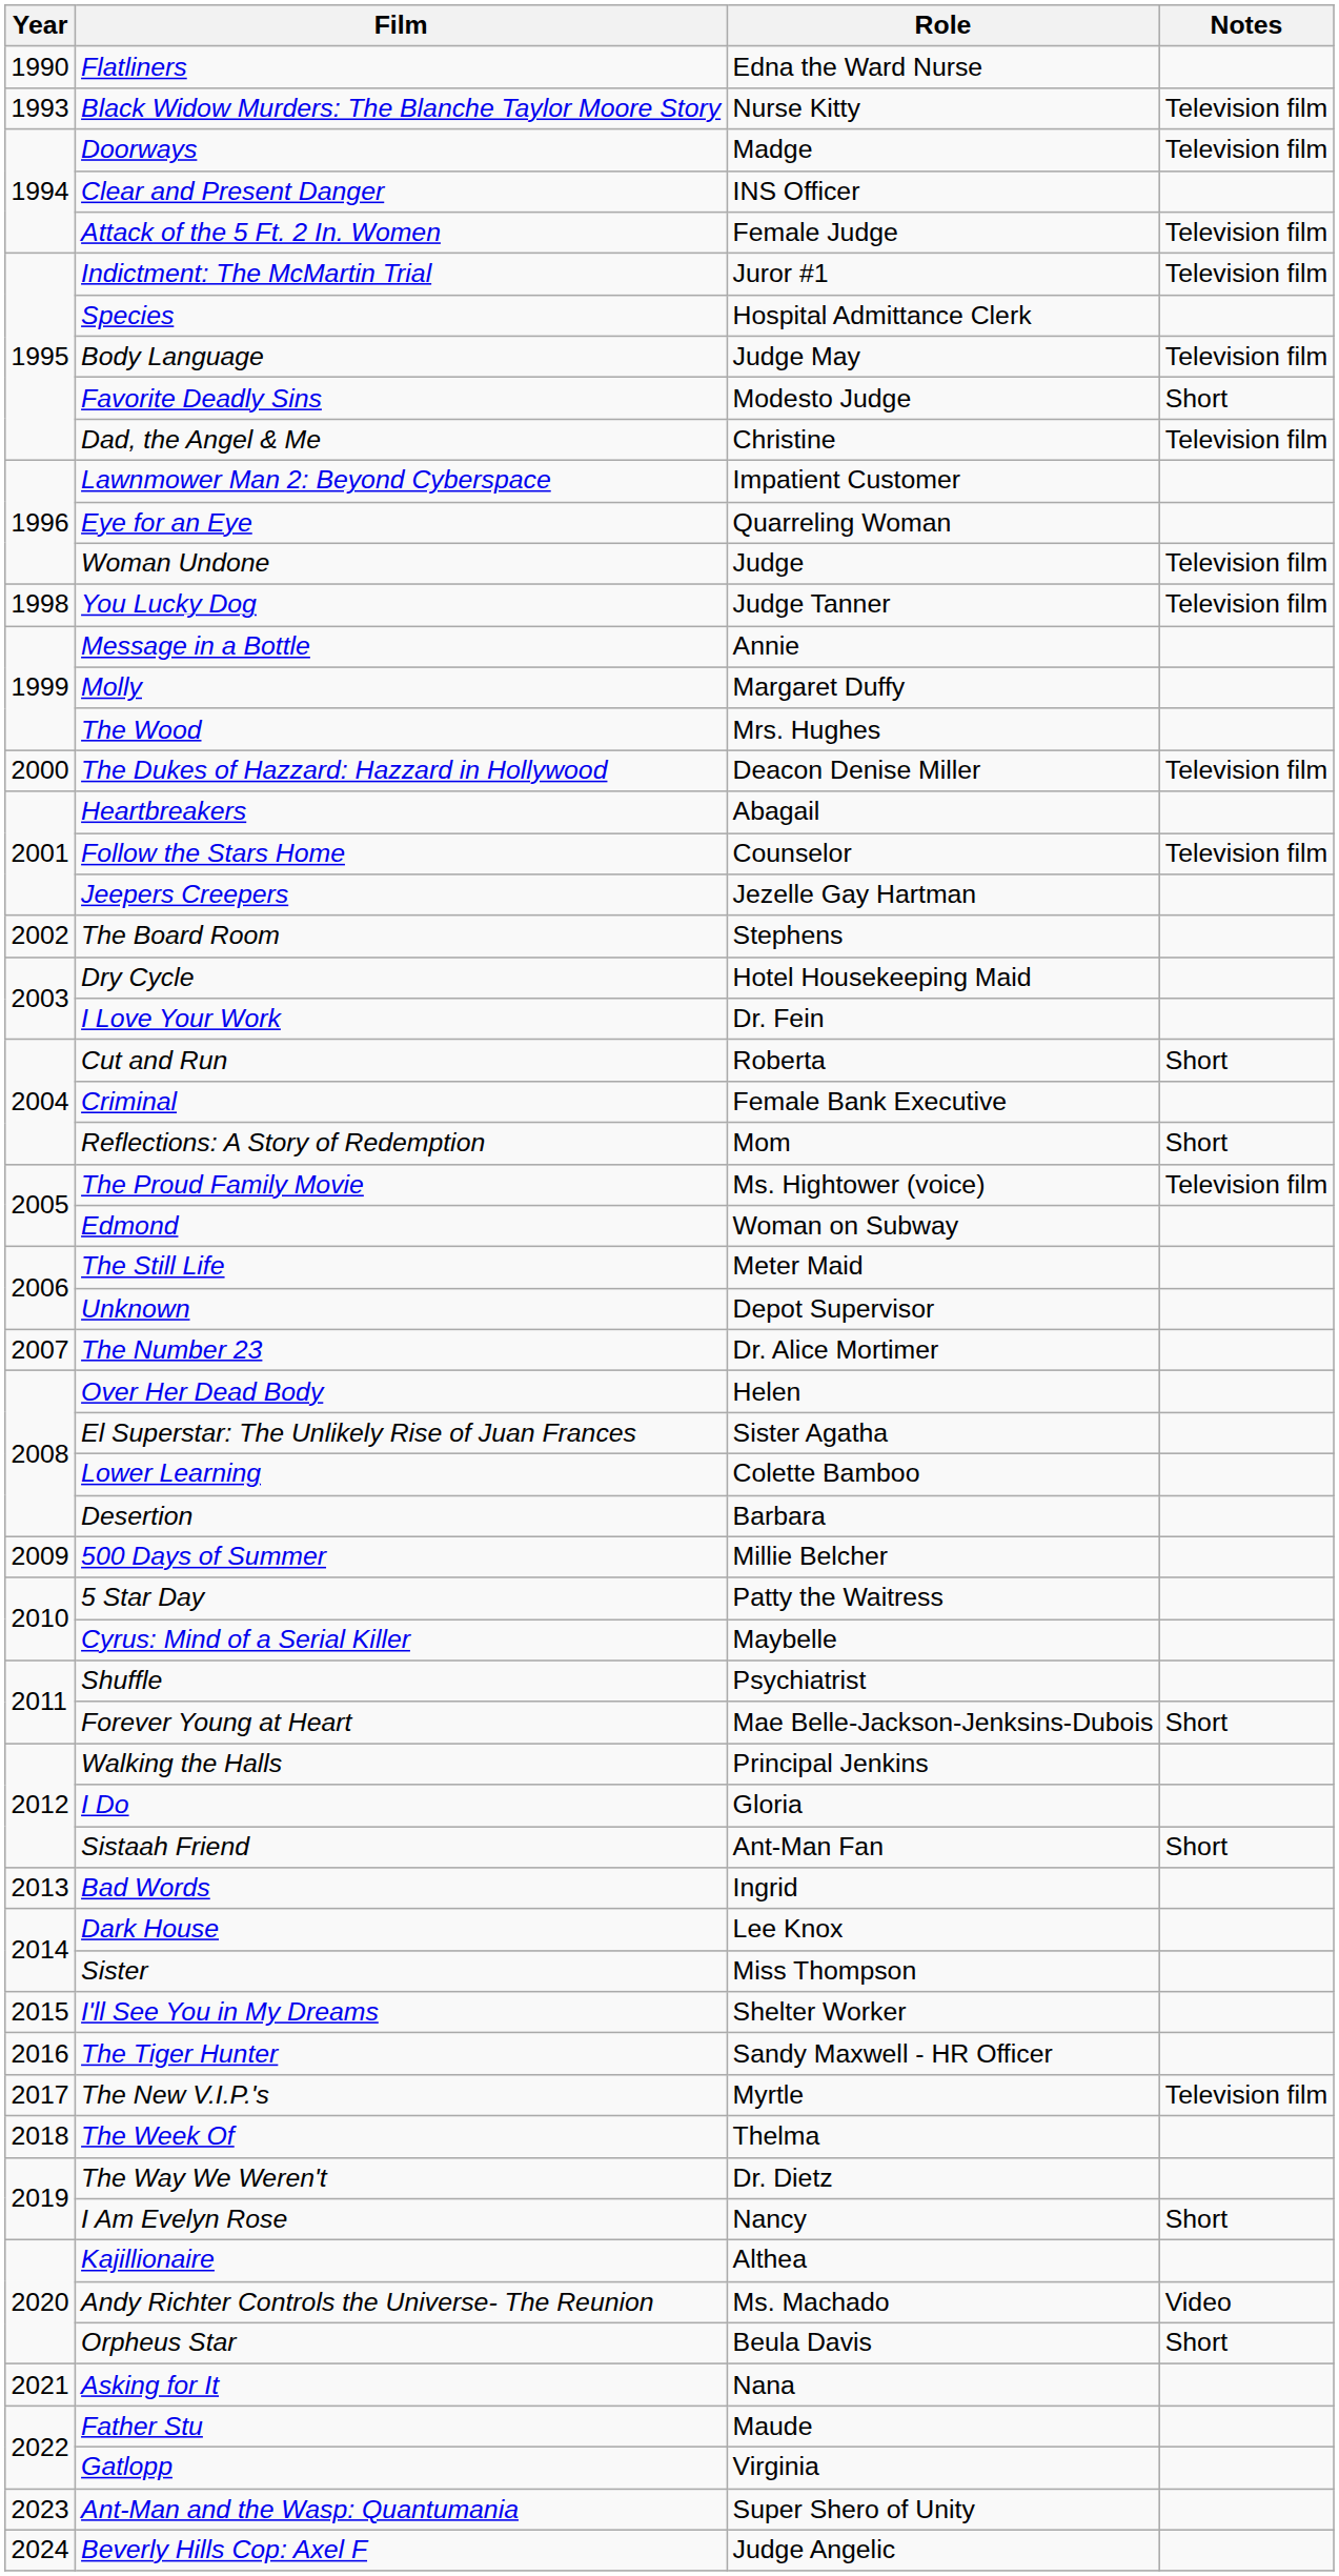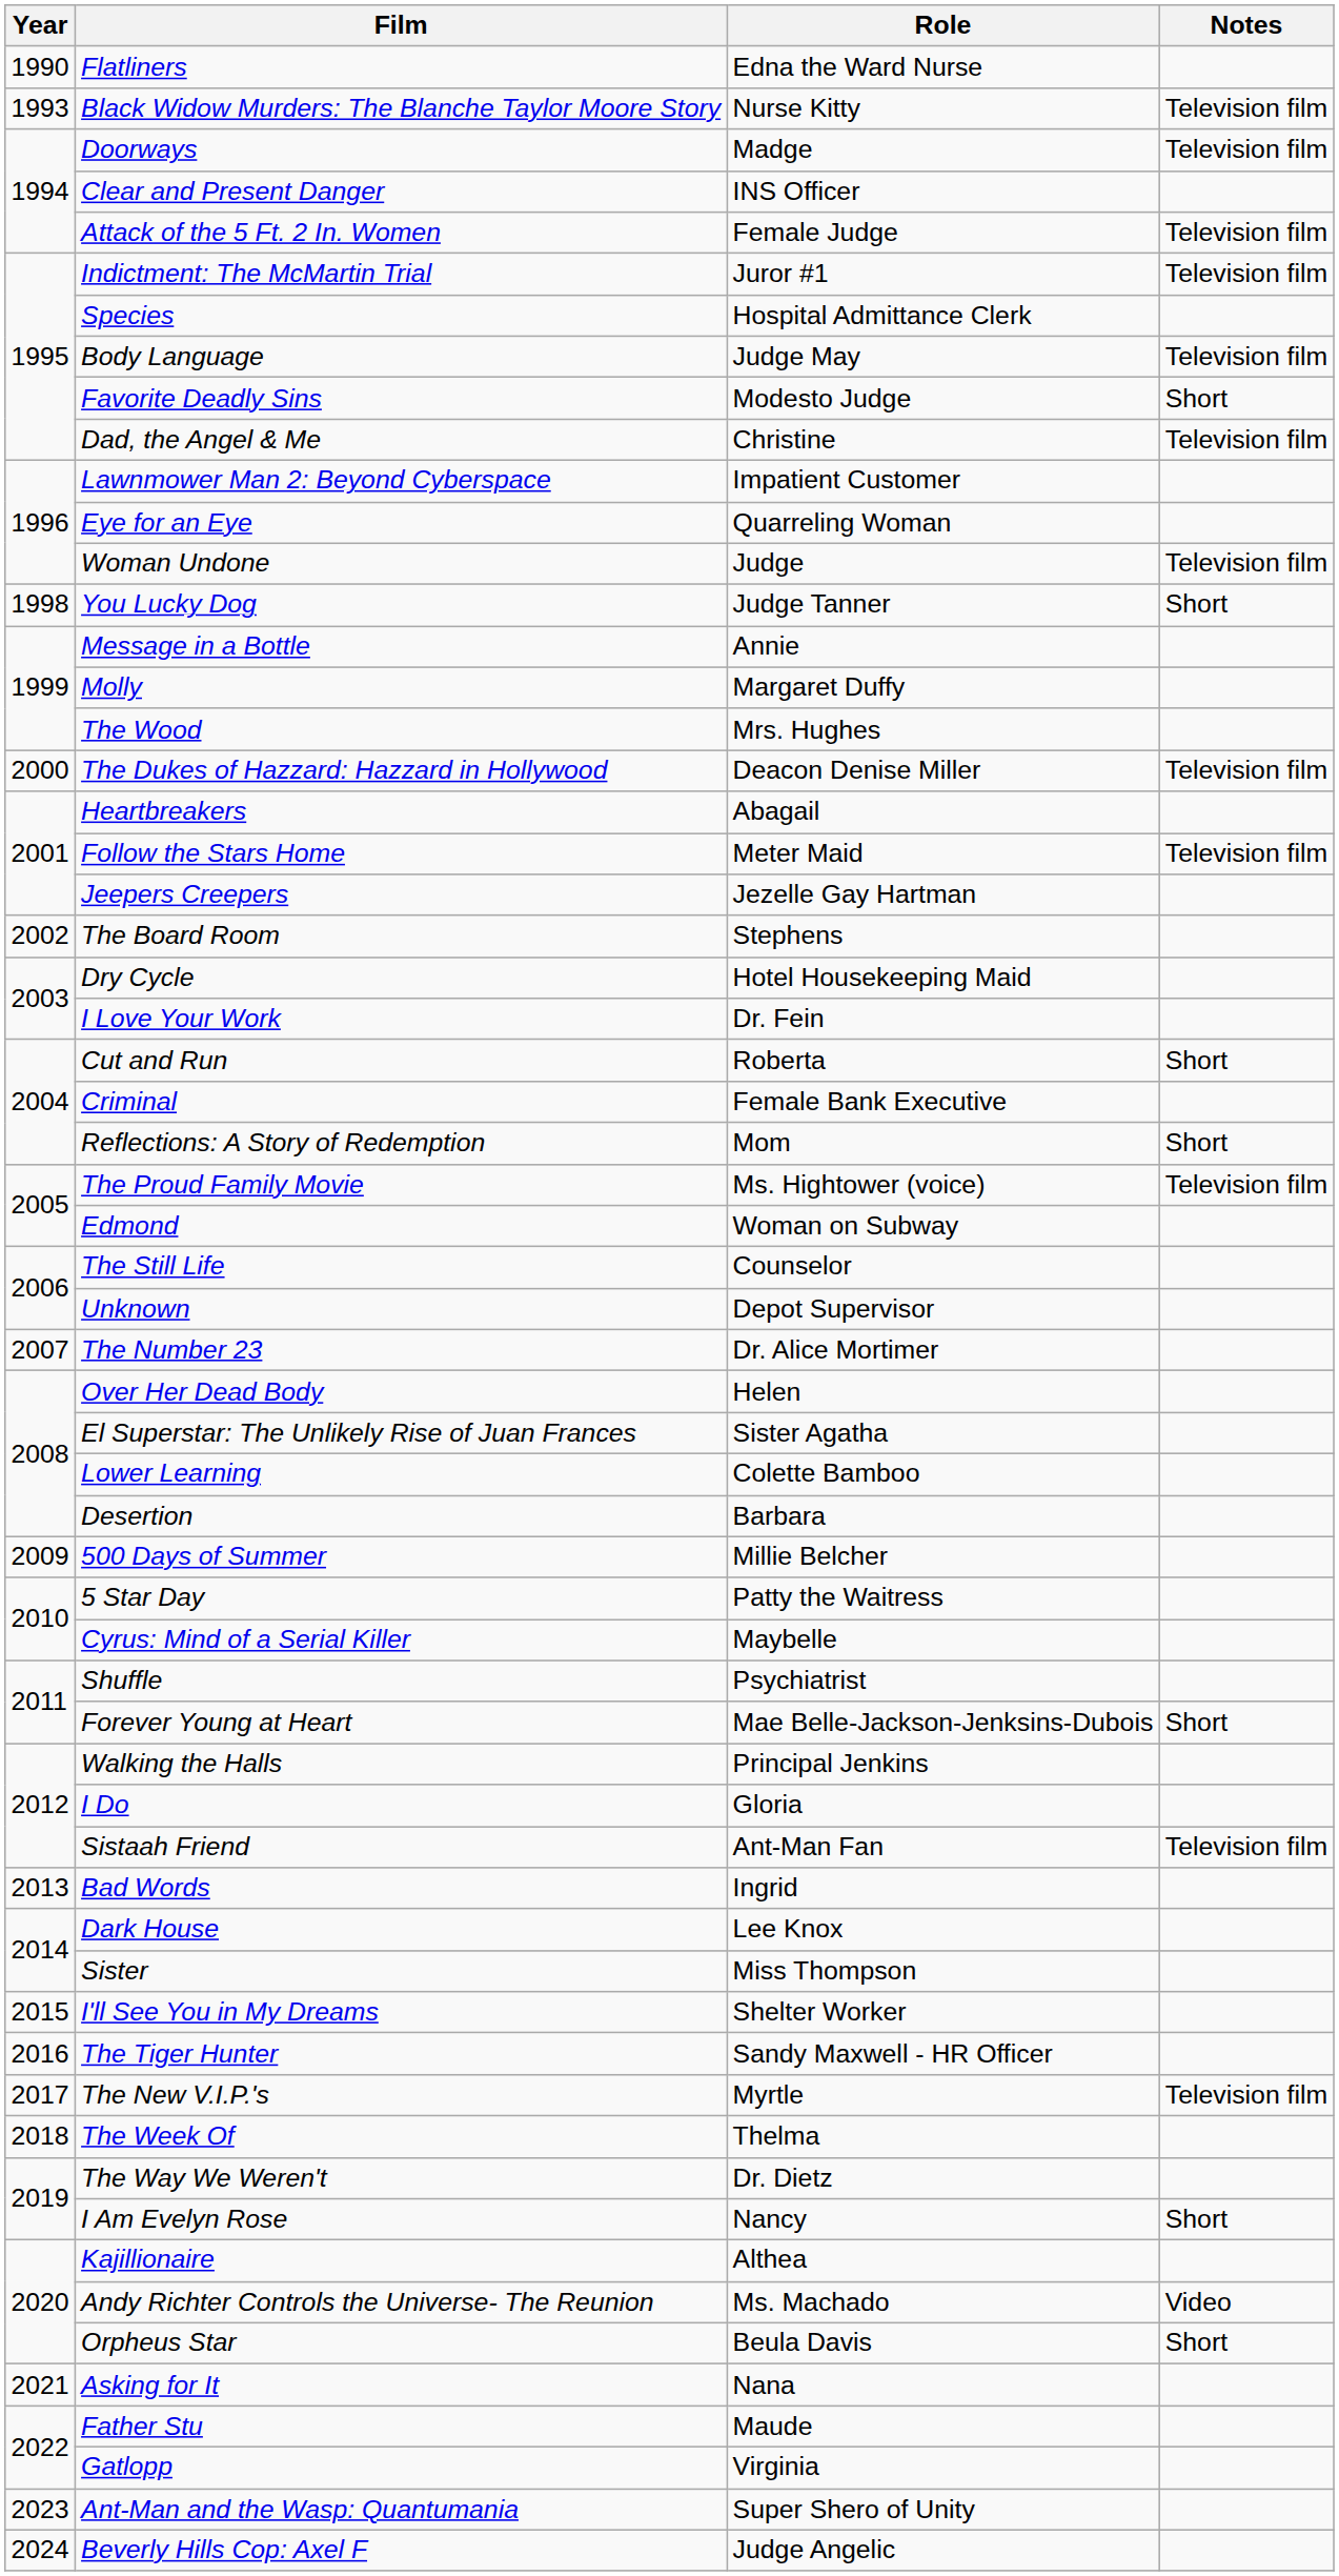 <table class="wikitable sortable">
 <tr>
 <th scope="col">Year</th>
 <th scope="col">Film</th>
 <th scope="col">Role</th>
 <th scope="col" class="unsortable">Notes</th>
 </tr>
 <tr>
 <td>1990</td>
 <td><em><a href='#'>Flatliners</a></em></td>
 <td>Edna the Ward Nurse</td>
 <td></td>
 </tr>
 <tr>
 <td>1993</td>
 <td><em><a href='#'>Black Widow Murders: The Blanche Taylor Moore Story</a></em></td>
 <td>Nurse Kitty</td>
 <td>Television film</td>
 </tr>
 <tr>
 <td rowspan="3">1994</td>
 <td><em><a href='#'>Doorways</a></em></td>
 <td>Madge</td>
 <td>Television film</td>
 </tr>
 <tr>
 <td><em><a href='#'>Clear and Present Danger</a></em></td>
 <td>INS Officer</td>
 <td></td>
 </tr>
 <tr>
 <td><em><a href='#'>Attack of the 5 Ft. 2 In. Women</a></em></td>
 <td>Female Judge</td>
 <td>Television film</td>
 </tr>
 <tr>
 <td rowspan="5">1995</td>
 <td><em><a href='#'>Indictment: The McMartin Trial</a></em></td>
 <td>Juror #1</td>
 <td>Television film</td>
 </tr>
 <tr>
 <td><em><a href='#'>Species</a></em></td>
 <td>Hospital Admittance Clerk</td>
 <td></td>
 </tr>
 <tr>
 <td><em>Body Language</em></td>
 <td>Judge May</td>
 <td>Television film</td>
 </tr>
 <tr>
 <td><em><a href='#'>Favorite Deadly Sins</a></em></td>
 <td>Modesto Judge</td>
 <td>Short</td>
 </tr>
 <tr>
 <td><em>Dad, the Angel & Me</em></td>
 <td>Christine</td>
 <td>Television film</td>
 </tr>
 <tr>
 <td rowspan="3">1996</td>
 <td><em><a href='#'>Lawnmower Man 2: Beyond Cyberspace</a></em></td>
 <td>Impatient Customer</td>
 <td></td>
 </tr>
 <tr>
 <td><em><a href='#'>Eye for an Eye</a></em></td>
 <td>Quarreling Woman</td>
 <td></td>
 </tr>
 <tr>
 <td><em>Woman Undone</em></td>
 <td>Judge</td>
 <td>Television film</td>
 </tr>
 <tr>
 <td>1998</td>
 <td><em><a href='#'>You Lucky Dog</a></em></td>
 <td>Judge Tanner</td>
-<td>Television film</td>
+<td>Short</td>
 </tr>
 <tr>
 <td rowspan="3">1999</td>
 <td><em><a href='#'>Message in a Bottle</a></em></td>
 <td>Annie</td>
 <td></td>
 </tr>
 <tr>
 <td><em><a href='#'>Molly</a></em></td>
 <td>Margaret Duffy</td>
 <td></td>
 </tr>
 <tr>
 <td><em><a href='#'>The Wood</a></em></td>
 <td>Mrs. Hughes</td>
 <td></td>
 </tr>
 <tr>
 <td>2000</td>
 <td><em><a href='#'>The Dukes of Hazzard: Hazzard in Hollywood</a></em></td>
 <td>Deacon Denise Miller</td>
 <td>Television film</td>
 </tr>
 <tr>
 <td rowspan="3">2001</td>
 <td><em><a href='#'>Heartbreakers</a></em></td>
 <td>Abagail</td>
 <td></td>
 </tr>
 <tr>
 <td><em><a href='#'>Follow the Stars Home</a></em></td>
-<td>Counselor</td>
+<td>Meter Maid</td>
 <td>Television film</td>
 </tr>
 <tr>
 <td><em><a href='#'>Jeepers Creepers</a></em></td>
 <td>Jezelle Gay Hartman</td>
 <td></td>
 </tr>
 <tr>
 <td>2002</td>
 <td><em>The Board Room</em></td>
 <td>Stephens</td>
 <td></td>
 </tr>
 <tr>
 <td rowspan="2">2003</td>
 <td><em>Dry Cycle</em></td>
 <td>Hotel Housekeeping Maid</td>
 <td></td>
 </tr>
 <tr>
 <td><em><a href='#'>I Love Your Work</a></em></td>
 <td>Dr. Fein</td>
 <td></td>
 </tr>
 <tr>
 <td rowspan="3">2004</td>
 <td><em>Cut and Run</em></td>
 <td>Roberta</td>
 <td>Short</td>
 </tr>
 <tr>
 <td><em><a href='#'>Criminal</a></em></td>
 <td>Female Bank Executive</td>
 <td></td>
 </tr>
 <tr>
 <td><em>Reflections: A Story of Redemption</em></td>
 <td>Mom</td>
 <td>Short</td>
 </tr>
 <tr>
 <td rowspan="2">2005</td>
 <td><em><a href='#'>The Proud Family Movie</a></em></td>
 <td>Ms. Hightower (voice)</td>
 <td>Television film</td>
 </tr>
 <tr>
 <td><em><a href='#'>Edmond</a></em></td>
 <td>Woman on Subway</td>
 <td></td>
 </tr>
 <tr>
 <td rowspan="2">2006</td>
 <td><em><a href='#'>The Still Life</a></em></td>
-<td>Meter Maid</td>
+<td>Counselor</td>
 <td></td>
 </tr>
 <tr>
 <td><em><a href='#'>Unknown</a></em></td>
 <td>Depot Supervisor</td>
 <td></td>
 </tr>
 <tr>
 <td>2007</td>
 <td><em><a href='#'>The Number 23</a></em></td>
 <td>Dr. Alice Mortimer</td>
 <td></td>
 </tr>
 <tr>
 <td rowspan="4">2008</td>
 <td><em><a href='#'>Over Her Dead Body</a></em></td>
 <td>Helen</td>
 <td></td>
 </tr>
 <tr>
 <td><em>El Superstar: The Unlikely Rise of Juan Frances</em></td>
 <td>Sister Agatha</td>
 <td></td>
 </tr>
 <tr>
 <td><em><a href='#'>Lower Learning</a></em></td>
 <td>Colette Bamboo</td>
 <td></td>
 </tr>
 <tr>
 <td><em>Desertion</em></td>
 <td>Barbara</td>
 <td></td>
 </tr>
 <tr>
 <td>2009</td>
 <td><em><a href='#'>500 Days of Summer</a></em></td>
 <td>Millie Belcher</td>
 <td></td>
 </tr>
 <tr>
 <td rowspan="2">2010</td>
 <td><em>5 Star Day</em></td>
 <td>Patty the Waitress</td>
 <td></td>
 </tr>
 <tr>
 <td><em><a href='#'>Cyrus: Mind of a Serial Killer</a></em></td>
 <td>Maybelle</td>
 <td></td>
 </tr>
 <tr>
 <td rowspan="2">2011</td>
 <td><em>Shuffle</em></td>
 <td>Psychiatrist</td>
 <td></td>
 </tr>
 <tr>
 <td><em>Forever Young at Heart</em></td>
 <td>Mae Belle-Jackson-Jenksins-Dubois</td>
 <td>Short</td>
 </tr>
 <tr>
 <td rowspan="3">2012</td>
 <td><em>Walking the Halls</em></td>
 <td>Principal Jenkins</td>
 <td></td>
 </tr>
 <tr>
 <td><em><a href='#'>I Do</a></em></td>
 <td>Gloria</td>
 <td></td>
 </tr>
 <tr>
 <td><em>Sistaah Friend</em></td>
 <td>Ant-Man Fan</td>
-<td>Short</td>
+<td>Television film</td>
 </tr>
 <tr>
 <td>2013</td>
 <td><em><a href='#'>Bad Words</a></em></td>
 <td>Ingrid</td>
 <td></td>
 </tr>
 <tr>
 <td rowspan="2">2014</td>
 <td><em><a href='#'>Dark House</a></em></td>
 <td>Lee Knox</td>
 <td></td>
 </tr>
 <tr>
 <td><em>Sister</em></td>
 <td>Miss Thompson</td>
 <td></td>
 </tr>
 <tr>
 <td>2015</td>
 <td><em><a href='#'>I'll See You in My Dreams</a></em></td>
 <td>Shelter Worker</td>
 <td></td>
 </tr>
 <tr>
 <td>2016</td>
 <td><em><a href='#'>The Tiger Hunter</a></em></td>
 <td>Sandy Maxwell - HR Officer</td>
 <td></td>
 </tr>
 <tr>
 <td>2017</td>
 <td><em>The New V.I.P.'s</em></td>
 <td>Myrtle</td>
 <td>Television film</td>
 </tr>
 <tr>
 <td>2018</td>
 <td><em><a href='#'>The Week Of</a></em></td>
 <td>Thelma</td>
 <td></td>
 </tr>
 <tr>
 <td rowspan="2">2019</td>
 <td><em>The Way We Weren't</em></td>
 <td>Dr. Dietz</td>
 <td></td>
 </tr>
 <tr>
 <td><em>I Am Evelyn Rose</em></td>
 <td>Nancy</td>
 <td>Short</td>
 </tr>
 <tr>
 <td rowspan="3">2020</td>
 <td><em><a href='#'>Kajillionaire</a></em></td>
 <td>Althea</td>
 <td></td>
 </tr>
 <tr>
 <td><em>Andy Richter Controls the Universe- The Reunion</em></td>
 <td>Ms. Machado</td>
 <td>Video</td>
 </tr>
 <tr>
 <td><em>Orpheus Star</em></td>
 <td>Beula Davis</td>
 <td>Short</td>
 </tr>
 <tr>
 <td>2021</td>
 <td><em><a href='#'>Asking for It</a></em></td>
 <td>Nana</td>
 <td></td>
 </tr>
 <tr>
 <td rowspan="2">2022</td>
 <td><em><a href='#'>Father Stu</a></em></td>
 <td>Maude</td>
 <td></td>
 </tr>
 <tr>
 <td><em><a href='#'>Gatlopp</a></em></td>
 <td>Virginia</td>
 <td></td>
 </tr>
 <tr>
 <td>2023</td>
 <td><em><a href='#'>Ant-Man and the Wasp: Quantumania</a></em></td>
 <td>Super Shero of Unity</td>
 <td></td>
 </tr>
 <tr>
 <td>2024</td>
 <td><em><a href='#'>Beverly Hills Cop: Axel F</a></em></td>
 <td>Judge Angelic</td>
 <td></td>
 </tr>
 </table>
